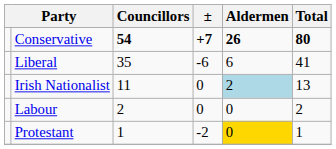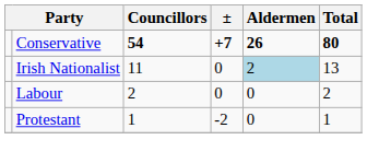 <table class="wikitable">
 <tr>
 <th colspan="2">Party</th>
 <th>Councillors</th>
 <th>  ±  </th>
 <th>Aldermen</th>
 <th>Total</th>
 </tr>
 <tr>
 <td style="background-color: "></td>
 <td><a href='#'>Conservative</a></td>
 <td><strong>54</strong></td>
 <td><strong>+7</strong></td>
 <td><strong>26</strong></td>
 <td><strong>80</strong></td>
-</tr>
-<tr>
-<td style="background-color: "></td>
-<td><a href='#'>Liberal</a></td>
-<td>35</td>
-<td>-6</td>
-<td>6</td>
-<td>41</td>
 </tr>
 <tr>
 <td style="background-color: "></td>
 <td><a href='#'>Irish Nationalist</a></td>
 <td>11</td>
 <td>0</td>
 <td style="background: lightblue;">2</td>
 <td>13</td>
 </tr>
 <tr>
 <td style="background-color: "></td>
 <td><a href='#'>Labour</a></td>
 <td>2</td>
 <td>0</td>
 <td>0</td>
 <td>2</td>
 </tr>
 <tr>
 <td style="background-color: "></td>
 <td><a href='#'>Protestant</a></td>
 <td>1</td>
 <td>-2</td>
-<td style="background: gold;">0</td>
+<td>0</td>
 <td>1</td>
 </tr>
 <tr>
 </tr>
 </table>
